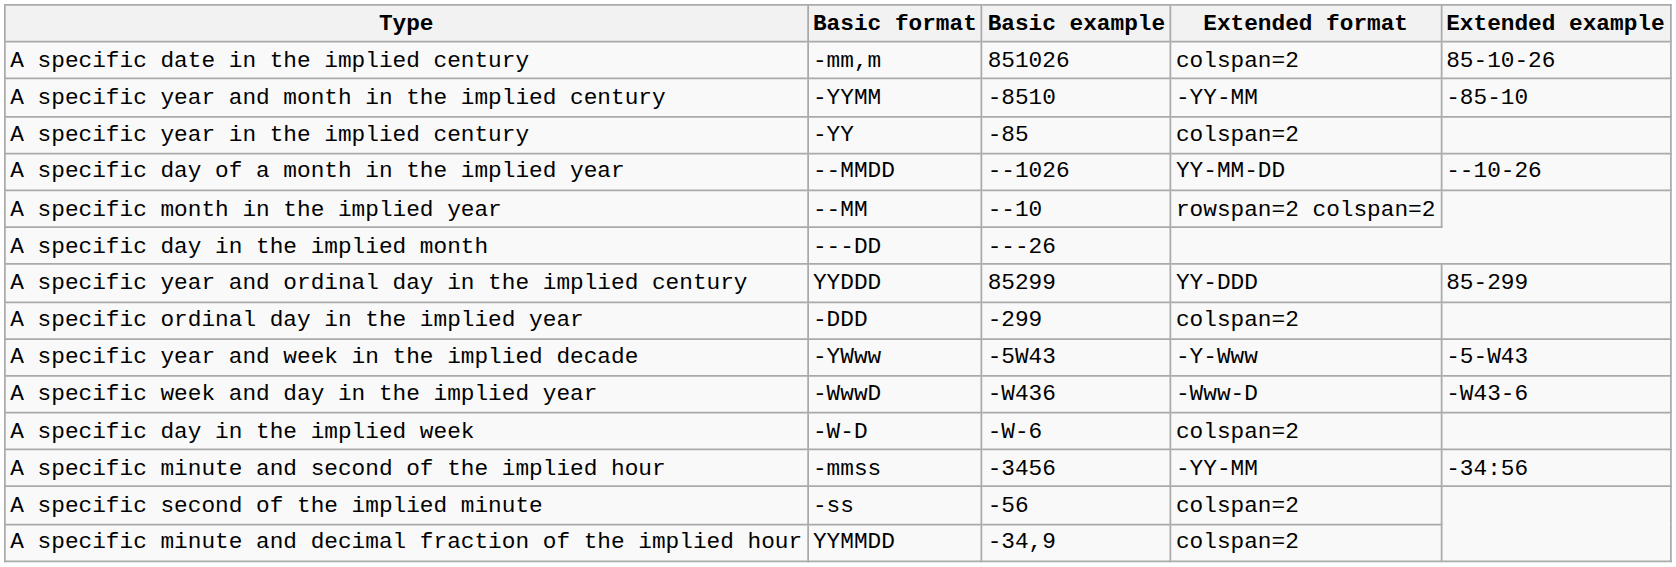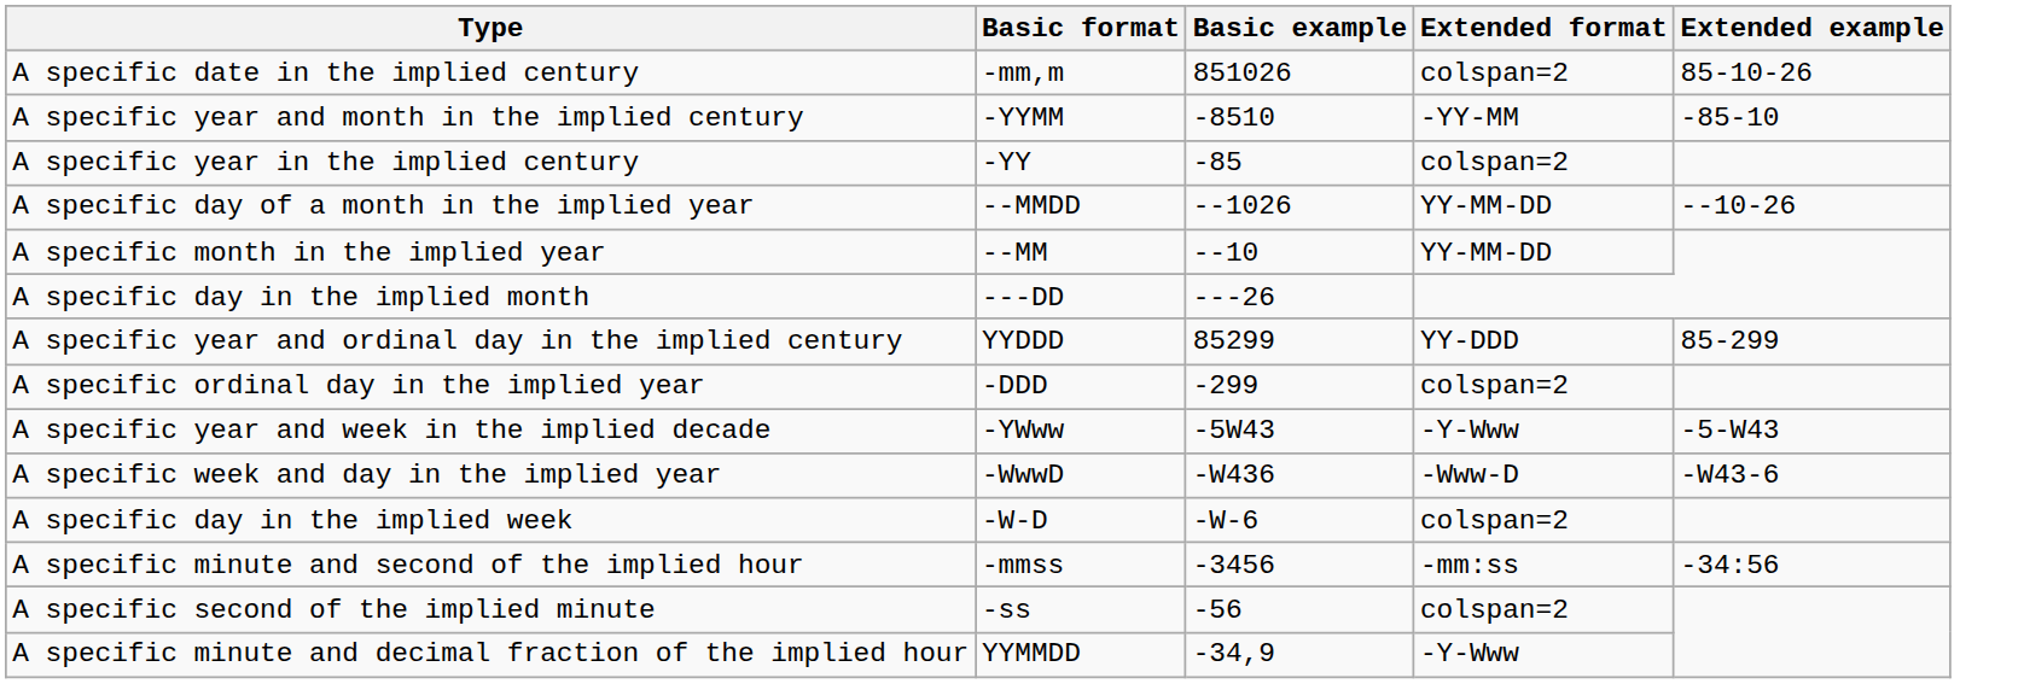 <table class="wikitable">
 <tr>
 <th>Type</th>
 <th>Basic format</th>
 <th>Basic example</th>
 <th>Extended format</th>
 <th>Extended example</th>
 </tr>
 <tr>
 <td>A specific date in the implied century</td>
 <td>-mm,m</td>
 <td>851026</td>
 <td>colspan=2 </td>
 <td>85-10-26</td>
 </tr>
 <tr>
 <td>A specific year and month in the implied century</td>
 <td>-YYMM</td>
 <td>-8510</td>
 <td>-YY-MM</td>
 <td>-85-10</td>
 </tr>
 <tr>
 <td>A specific year in the implied century</td>
 <td>-YY</td>
 <td>-85</td>
 <td>colspan=2 </td>
 </tr>
 <tr>
 <td>A specific day of a month in the implied year</td>
 <td>--MMDD</td>
 <td>--1026</td>
 <td>YY-MM-DD</td>
 <td>--10-26</td>
 </tr>
 <tr>
 <td>A specific month in the implied year</td>
 <td>--MM</td>
 <td>--10</td>
-<td>rowspan=2 colspan=2 </td>
+<td>YY-MM-DD</td>
 </tr>
 <tr>
 <td>A specific day in the implied month</td>
 <td>---DD</td>
 <td>---26</td>
 </tr>
 <tr>
 <td>A specific year and ordinal day in the implied century</td>
 <td>YYDDD</td>
 <td>85299</td>
 <td>YY-DDD</td>
 <td>85-299</td>
 </tr>
 <tr>
 <td>A specific ordinal day in the implied year</td>
 <td>-DDD</td>
 <td>-299</td>
 <td>colspan=2 </td>
 </tr>
 <tr>
 <td>A specific year and week in the implied decade</td>
 <td>-YWww</td>
 <td>-5W43</td>
 <td>-Y-Www</td>
 <td>-5-W43</td>
 </tr>
 <tr>
 <td>A specific week and day in the implied year</td>
 <td>-WwwD</td>
 <td>-W436</td>
 <td>-Www-D</td>
 <td>-W43-6</td>
 </tr>
 <tr>
 <td>A specific day in the implied week</td>
 <td>-W-D</td>
 <td>-W-6</td>
 <td>colspan=2 </td>
 </tr>
 <tr>
 <td>A specific minute and second of the implied hour</td>
 <td>-mmss</td>
 <td>-3456</td>
-<td>-YY-MM</td>
+<td>-mm:ss</td>
 <td>-34:56</td>
 </tr>
 <tr>
 <td>A specific second of the implied minute</td>
 <td>-ss</td>
 <td>-56</td>
 <td>colspan=2 </td>
 </tr>
 <tr>
 <td>A specific minute and decimal fraction of the implied hour</td>
 <td>YYMMDD</td>
 <td>-34,9</td>
-<td>colspan=2 </td>
+<td>-Y-Www</td>
 </tr>
 </table>
